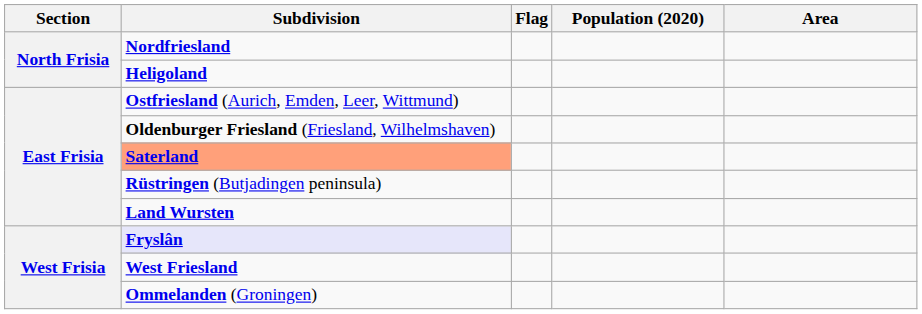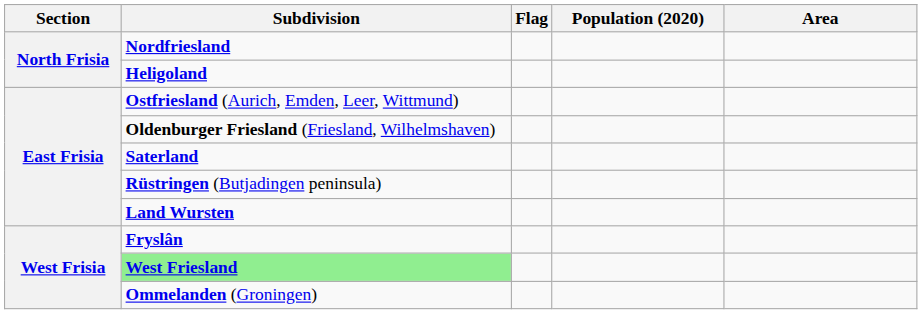 <table class="wikitable sortable" style="text-align:center;">
 <tr>
 <th scope="col" width="100px">Section</th>
 <th scope="col" width="350px">Subdivision</th>
 <th scope="col" class="unsortable">Flag</th>
 <th scope="col" width="150px">Population (2020)</th>
 <th scope="col" width="170px">Area</th>
 </tr>
 <tr>
 <th scope="row" rowspan="2"><a href='#'>North Frisia</a></th>
 <td style="text-align:left;"><strong><a href='#'>Nordfriesland</a></strong></td>
 <td></td>
 <td></td>
 <td></td>
 </tr>
 <tr>
 <td style="text-align:left;"><strong><a href='#'>Heligoland</a></strong></td>
 <td></td>
 <td></td>
 <td></td>
 </tr>
 <tr>
 <th scope="row" rowspan="5"><a href='#'>East Frisia</a></th>
 <td style="text-align:left;"><strong><a href='#'>Ostfriesland</a></strong> (<a href='#'>Aurich</a>, <a href='#'>Emden</a>, <a href='#'>Leer</a>, <a href='#'>Wittmund</a>)</td>
 <td></td>
 <td></td>
 <td></td>
 </tr>
 <tr>
 <td style="text-align:left;"><strong>Oldenburger Friesland</strong> (<a href='#'>Friesland</a>, <a href='#'>Wilhelmshaven</a>)</td>
 <td></td>
 <td></td>
 <td></td>
 </tr>
 <tr>
-<td style="background: lightsalmon; text-align:left;"><strong><a href='#'>Saterland</a></strong></td>
+<td style="text-align:left;"><strong><a href='#'>Saterland</a></strong></td>
 <td></td>
 <td></td>
 <td></td>
 </tr>
 <tr>
 <td style="text-align:left;"><strong><a href='#'>Rüstringen</a></strong> (<a href='#'>Butjadingen</a> peninsula)</td>
 <td></td>
 <td></td>
 <td></td>
 </tr>
 <tr>
 <td style="text-align:left;"><strong><a href='#'>Land Wursten</a></strong></td>
 <td></td>
 <td></td>
 <td></td>
 </tr>
 <tr>
 <th scope="row" rowspan="3"><a href='#'>West Frisia</a></th>
-<td style="background: lavender; text-align:left;"><strong><a href='#'>Fryslân</a></strong></td>
+<td style="text-align:left;"><strong><a href='#'>Fryslân</a></strong></td>
 <td></td>
 <td></td>
 <td></td>
 </tr>
 <tr>
-<td style="text-align:left;"><strong><a href='#'>West Friesland</a></strong></td>
+<td style="background: lightgreen; text-align:left;"><strong><a href='#'>West Friesland</a></strong></td>
 <td></td>
 <td></td>
 <td></td>
 </tr>
 <tr>
 <td style="text-align:left;"><strong><a href='#'>Ommelanden</a></strong> (<a href='#'>Groningen</a>)</td>
 <td></td>
 <td></td>
 <td></td>
 </tr>
 </table>
